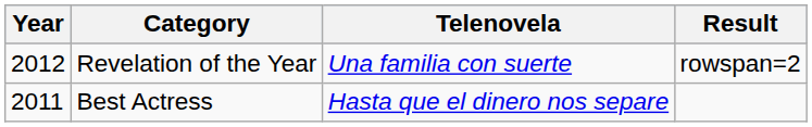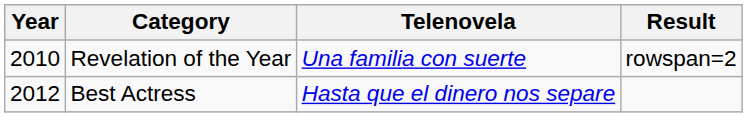 <table class="wikitable">
 <tr style="background:#b0c4de;">
 <th>Year</th>
 <th>Category</th>
 <th>Telenovela</th>
 <th>Result</th>
 </tr>
 <tr>
-<td>2012</td>
+<td>2010</td>
 <td>Revelation of the Year</td>
 <td><em><a href='#'>Una familia con suerte</a></em></td>
 <td>rowspan=2 </td>
 </tr>
 <tr>
-<td>2011</td>
+<td>2012</td>
 <td>Best Actress</td>
 <td><em><a href='#'>Hasta que el dinero nos separe</a></em></td>
 </tr>
 </table>
